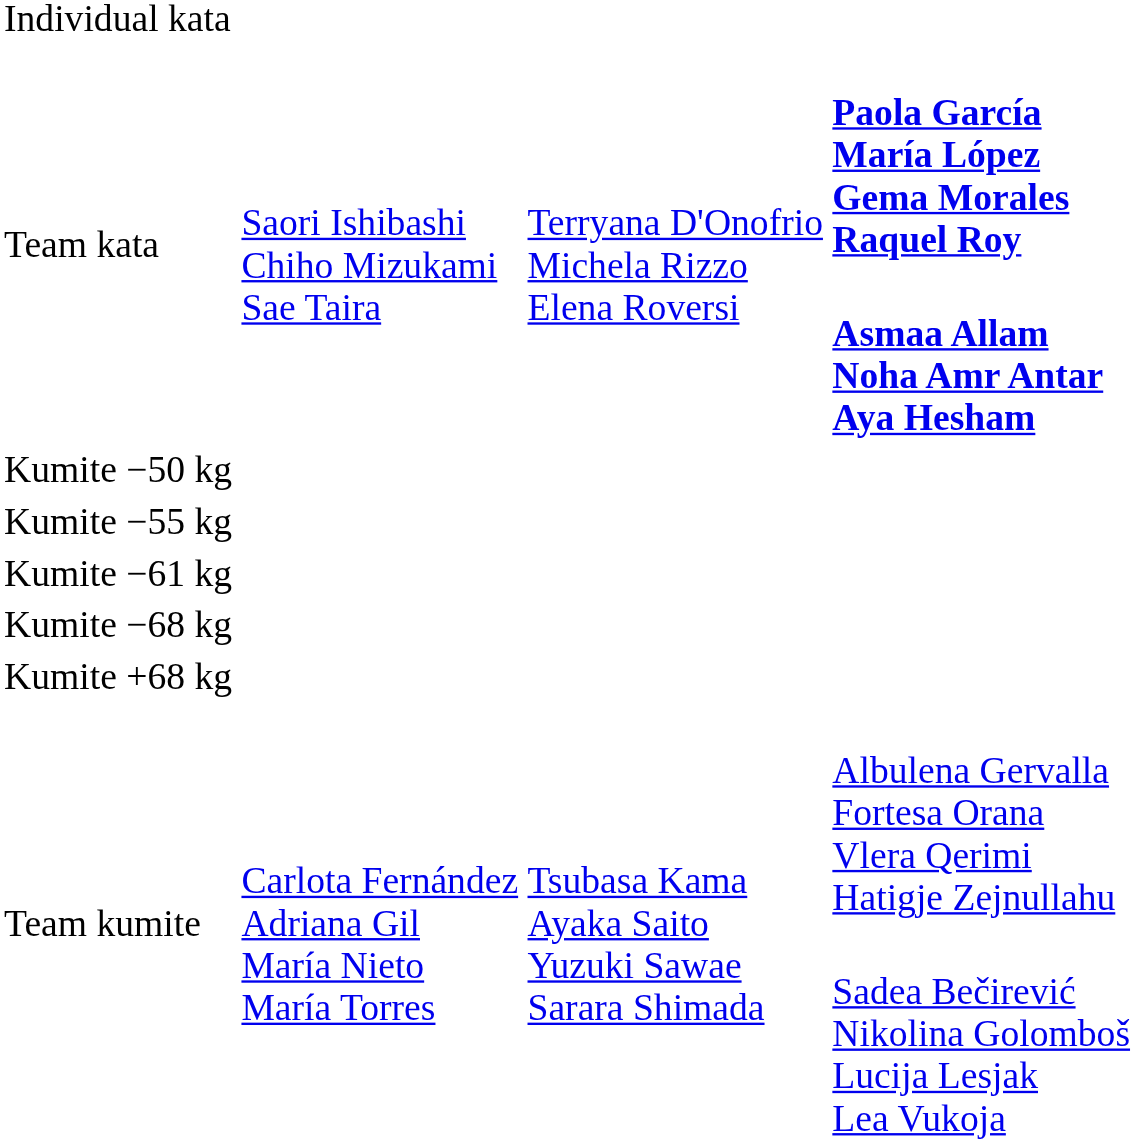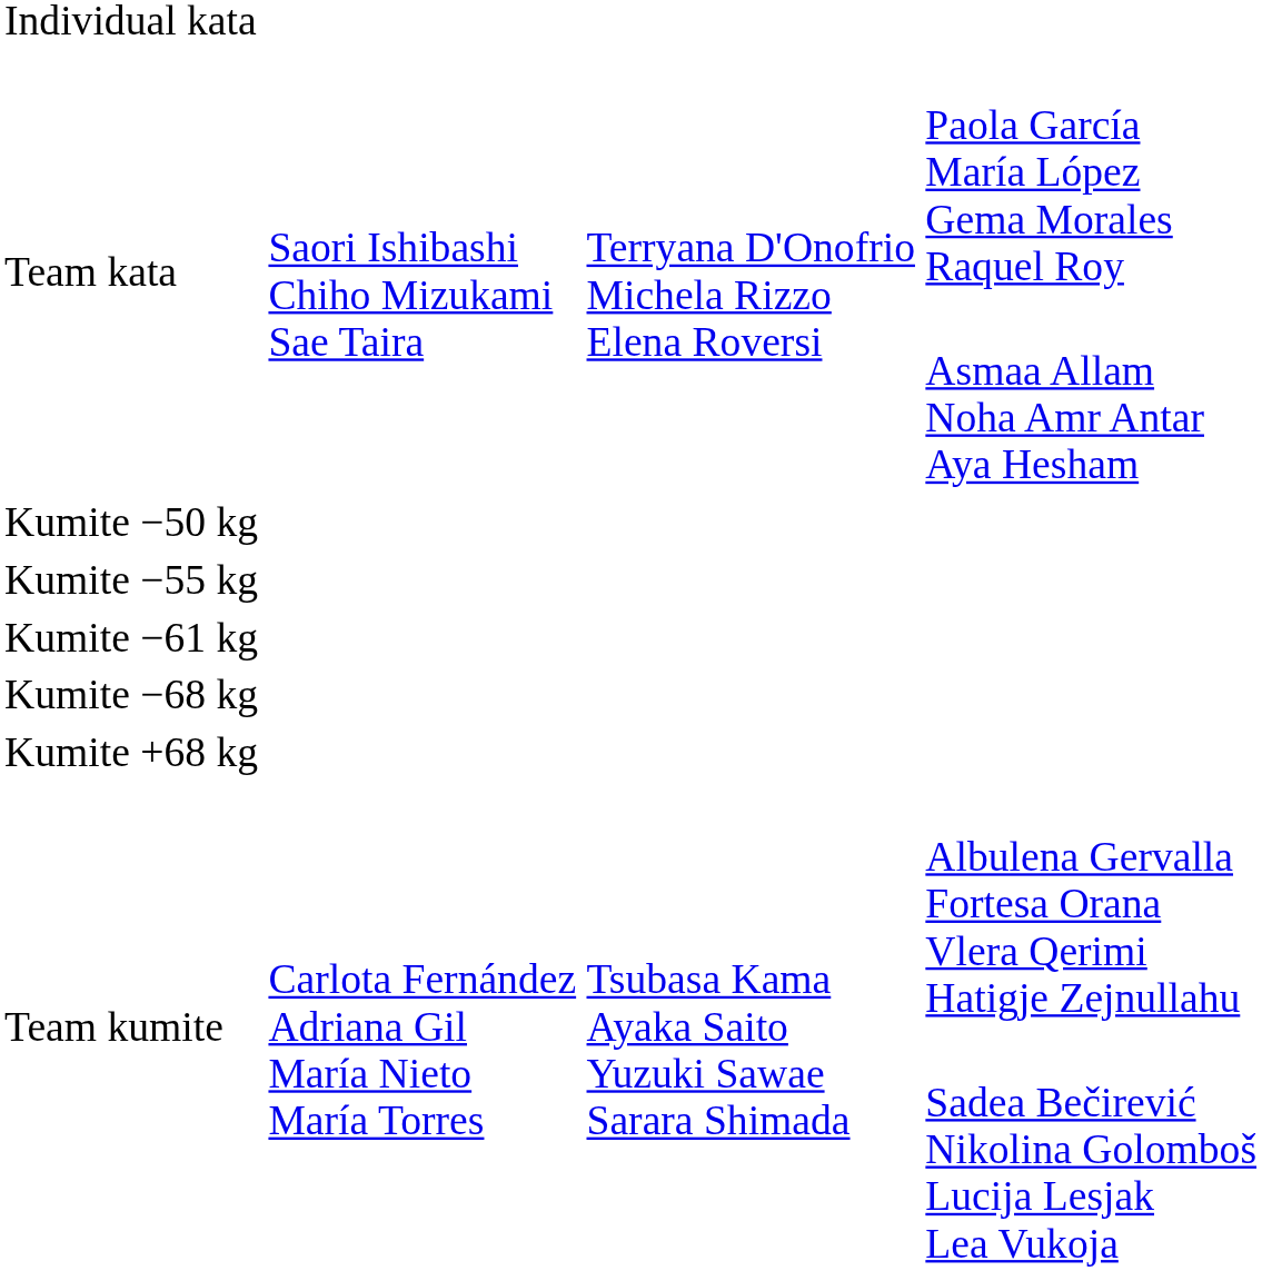 <table>
 <tr>
 <td rowspan=2>Individual kata<br></td>
 <td rowspan=2></td>
 <td rowspan=2></td>
 <td></td>
 </tr>
 <tr>
 <td></td>
 </tr>
 <tr>
 <td rowspan=2>Team kata<br></td>
 <td rowspan=2><br><a href='#'>Saori Ishibashi</a><br><a href='#'>Chiho Mizukami</a><br><a href='#'>Sae Taira</a></td>
 <td rowspan=2><br><a href='#'>Terryana D'Onofrio</a><br><a href='#'>Michela Rizzo</a><br><a href='#'>Elena Roversi</a></td>
-<td><strong><br><a href='#'>Paola García</a><br><a href='#'>María López</a><br><a href='#'>Gema Morales</a><br><a href='#'>Raquel Roy</a></strong></td>
+<td><br><a href='#'>Paola García</a><br><a href='#'>María López</a><br><a href='#'>Gema Morales</a><br><a href='#'>Raquel Roy</a></td>
 </tr>
 <tr>
-<td><strong><br><a href='#'>Asmaa Allam</a><br><a href='#'>Noha Amr Antar</a><br><a href='#'>Aya Hesham</a></strong></td>
+<td><br><a href='#'>Asmaa Allam</a><br><a href='#'>Noha Amr Antar</a><br><a href='#'>Aya Hesham</a></td>
 </tr>
 <tr>
 <td rowspan=2>Kumite −50 kg<br></td>
 <td rowspan=2></td>
 <td rowspan=2></td>
 <td></td>
 </tr>
 <tr>
 <td></td>
 </tr>
 <tr>
 <td rowspan=2>Kumite −55 kg<br></td>
 <td rowspan=2></td>
 <td rowspan=2></td>
 <td></td>
 </tr>
 <tr>
 <td></td>
 </tr>
 <tr>
 <td rowspan=2>Kumite −61 kg<br></td>
 <td rowspan=2></td>
 <td rowspan=2></td>
 <td></td>
 </tr>
 <tr>
 <td></td>
 </tr>
 <tr>
 <td rowspan=2>Kumite −68 kg<br></td>
 <td rowspan=2></td>
 <td rowspan=2></td>
 <td></td>
 </tr>
 <tr>
 <td></td>
 </tr>
 <tr>
 <td rowspan=2>Kumite +68 kg<br></td>
 <td rowspan=2></td>
 <td rowspan=2></td>
 <td></td>
 </tr>
 <tr>
 <td></td>
 </tr>
 <tr>
 <td rowspan=2>Team kumite<br></td>
 <td rowspan=2><br><a href='#'>Carlota Fernández</a><br><a href='#'>Adriana Gil</a><br><a href='#'>María Nieto</a><br><a href='#'>María Torres</a></td>
 <td rowspan=2><br><a href='#'>Tsubasa Kama</a><br><a href='#'>Ayaka Saito</a><br><a href='#'>Yuzuki Sawae</a><br><a href='#'>Sarara Shimada</a></td>
 <td><br><a href='#'>Albulena Gervalla</a><br><a href='#'>Fortesa Orana</a><br><a href='#'>Vlera Qerimi</a><br><a href='#'>Hatigje Zejnullahu</a></td>
 </tr>
 <tr>
 <td><br><a href='#'>Sadea Bečirević</a><br><a href='#'>Nikolina Golomboš</a><br><a href='#'>Lucija Lesjak</a><br><a href='#'>Lea Vukoja</a></td>
 </tr>
 </table>
